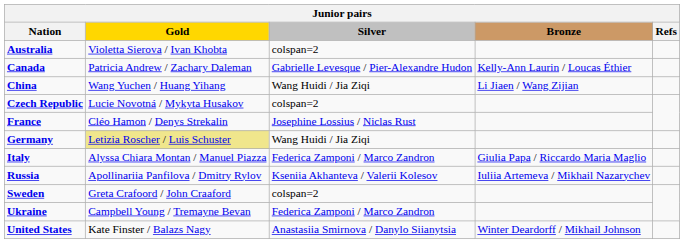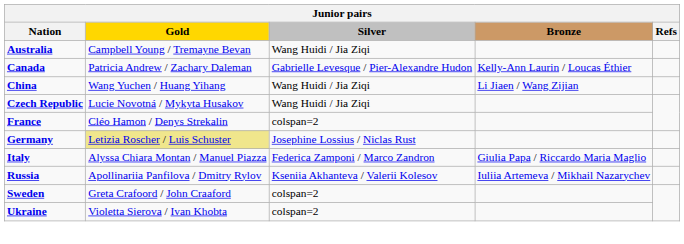 <table class="wikitable">
 <tr>
 <th colspan=5>Junior pairs</th>
 </tr>
 <tr>
 <th>Nation</th>
 <td style="text-align:center; background:gold;"><strong>Gold</strong></td>
 <td style="text-align:center; background:silver;"><strong>Silver</strong></td>
 <td style="text-align:center; background:#c96;"><strong>Bronze</strong></td>
 <th>Refs</th>
 </tr>
 <tr>
 <td><strong> <a href='#'>Australia</a></strong></td>
-<td><a href='#'>Violetta Sierova</a> / <a href='#'>Ivan Khobta</a></td>
-<td>colspan=2 </td>
+<td><a href='#'>Campbell Young</a> / <a href='#'>Tremayne Bevan</a></td>
+<td>Wang Huidi / Jia Ziqi</td>
 <td></td>
 </tr>
 <tr>
 <td><strong> <a href='#'>Canada</a></strong></td>
 <td><a href='#'>Patricia Andrew</a> / <a href='#'>Zachary Daleman</a></td>
 <td><a href='#'>Gabrielle Levesque</a> / <a href='#'>Pier-Alexandre Hudon</a></td>
 <td><a href='#'>Kelly-Ann Laurin</a> / <a href='#'>Loucas Éthier</a></td>
 <td></td>
 </tr>
 <tr>
 <td><strong> <a href='#'>China</a></strong></td>
 <td><a href='#'>Wang Yuchen</a> / <a href='#'>Huang Yihang</a></td>
 <td>Wang Huidi / Jia Ziqi</td>
 <td><a href='#'>Li Jiaen</a> / <a href='#'>Wang Zijian</a></td>
 <td></td>
 </tr>
 <tr>
 <td><strong> <a href='#'>Czech Republic</a></strong></td>
 <td><a href='#'>Lucie Novotná</a> / <a href='#'>Mykyta Husakov</a></td>
-<td>colspan=2 </td>
+<td>Wang Huidi / Jia Ziqi</td>
 <td></td>
 </tr>
 <tr>
 <td><strong> <a href='#'>France</a></strong></td>
 <td><a href='#'>Cléo Hamon</a> / <a href='#'>Denys Strekalin</a></td>
-<td><a href='#'>Josephine Lossius</a> / <a href='#'>Niclas Rust</a></td>
+<td>colspan=2 </td>
 <td></td>
 </tr>
 <tr>
 <td><strong> <a href='#'>Germany</a></strong></td>
 <td style="background: khaki;"><a href='#'>Letizia Roscher</a> / <a href='#'>Luis Schuster</a></td>
-<td>Wang Huidi / Jia Ziqi</td>
+<td><a href='#'>Josephine Lossius</a> / <a href='#'>Niclas Rust</a></td>
 <td></td>
 <td></td>
 </tr>
 <tr>
 <td><strong> <a href='#'>Italy</a></strong></td>
 <td><a href='#'>Alyssa Chiara Montan</a> / <a href='#'>Manuel Piazza</a></td>
 <td><a href='#'>Federica Zamponi</a> / <a href='#'>Marco Zandron</a></td>
 <td><a href='#'>Giulia Papa</a> / <a href='#'>Riccardo Maria Maglio</a></td>
 <td></td>
 </tr>
 <tr>
 <td><strong> <a href='#'>Russia</a></strong></td>
 <td><a href='#'>Apollinariia Panfilova</a> / <a href='#'>Dmitry Rylov</a></td>
 <td><a href='#'>Kseniia Akhanteva</a> / <a href='#'>Valerii Kolesov</a></td>
 <td><a href='#'>Iuliia Artemeva</a> / <a href='#'>Mikhail Nazarychev</a></td>
 <td></td>
 </tr>
 <tr>
 <td><strong> <a href='#'>Sweden</a></strong></td>
 <td><a href='#'>Greta Crafoord</a> / <a href='#'>John Craaford</a></td>
 <td>colspan=2 </td>
 <td></td>
 </tr>
 <tr>
 <td><strong> <a href='#'>Ukraine</a></strong></td>
-<td><a href='#'>Campbell Young</a> / <a href='#'>Tremayne Bevan</a></td>
-<td><a href='#'>Federica Zamponi</a> / <a href='#'>Marco Zandron</a></td>
-<td></td>
-</tr>
-<tr>
-<td><strong> <a href='#'>United States</a></strong></td>
-<td>Kate Finster / <a href='#'>Balazs Nagy</a></td>
-<td><a href='#'>Anastasiia Smirnova</a>  / <a href='#'>Danylo Siianytsia</a></td>
-<td><a href='#'>Winter Deardorff</a> / <a href='#'>Mikhail Johnson</a></td>
+<td><a href='#'>Violetta Sierova</a> / <a href='#'>Ivan Khobta</a></td>
+<td>colspan=2 </td>
 <td></td>
 </tr>
 </table>
